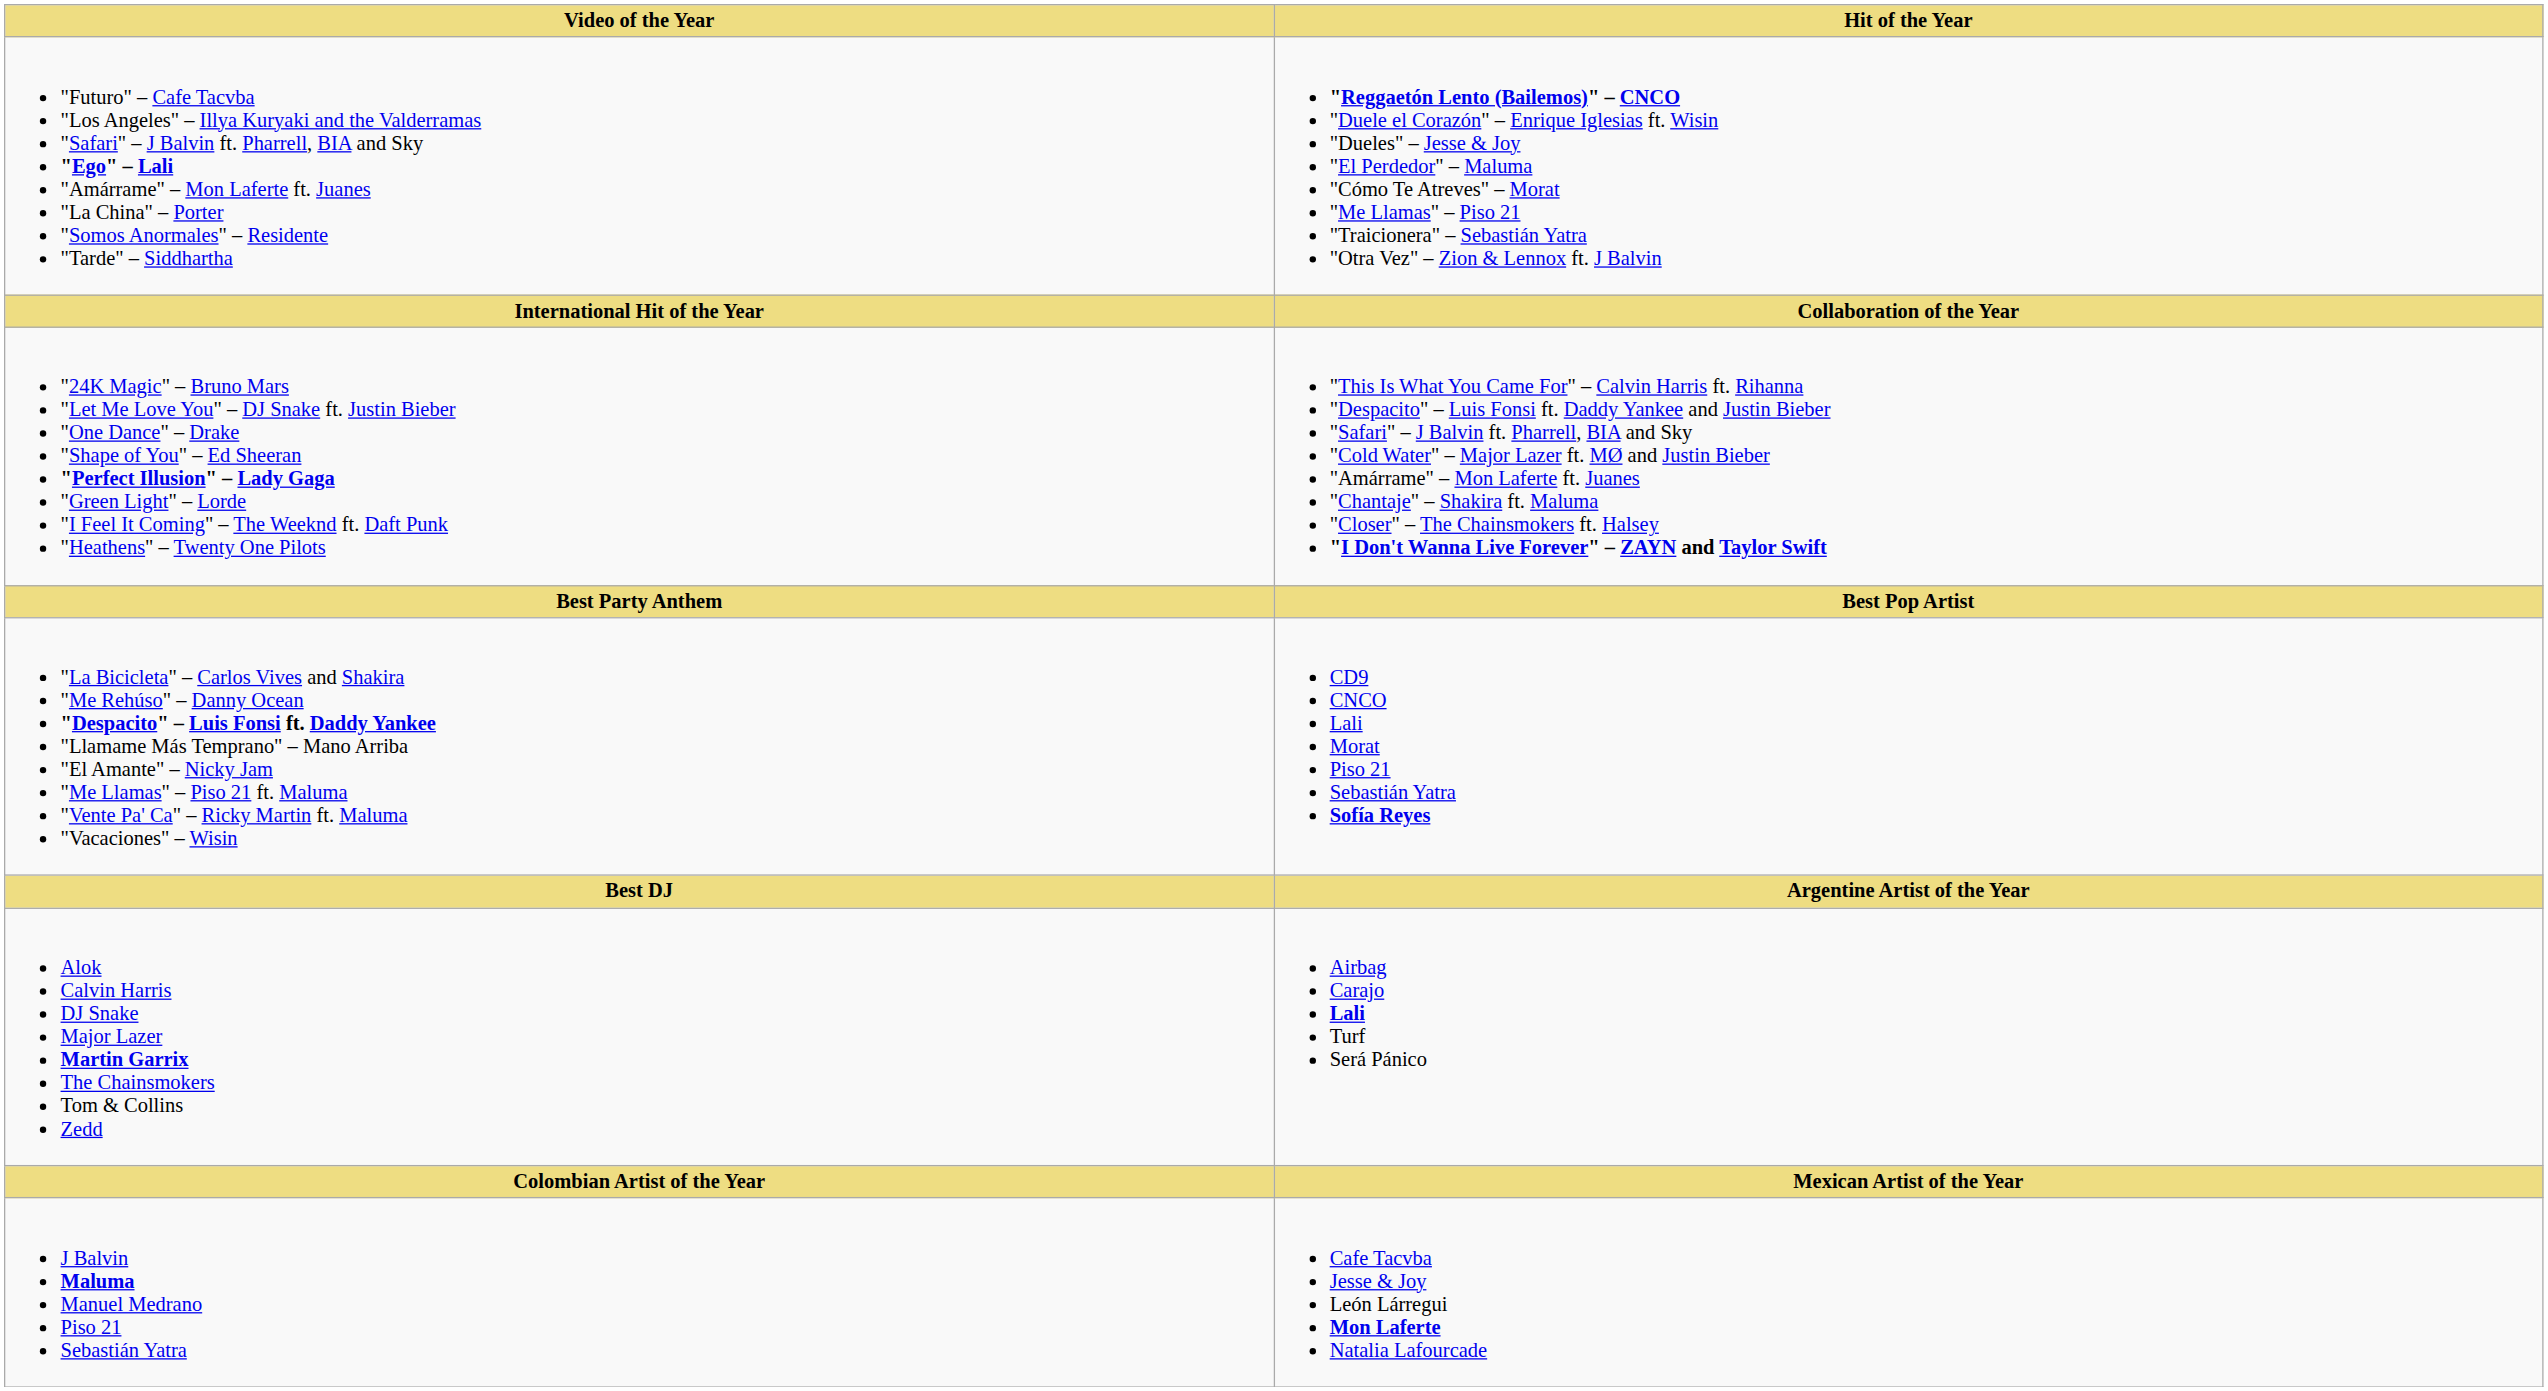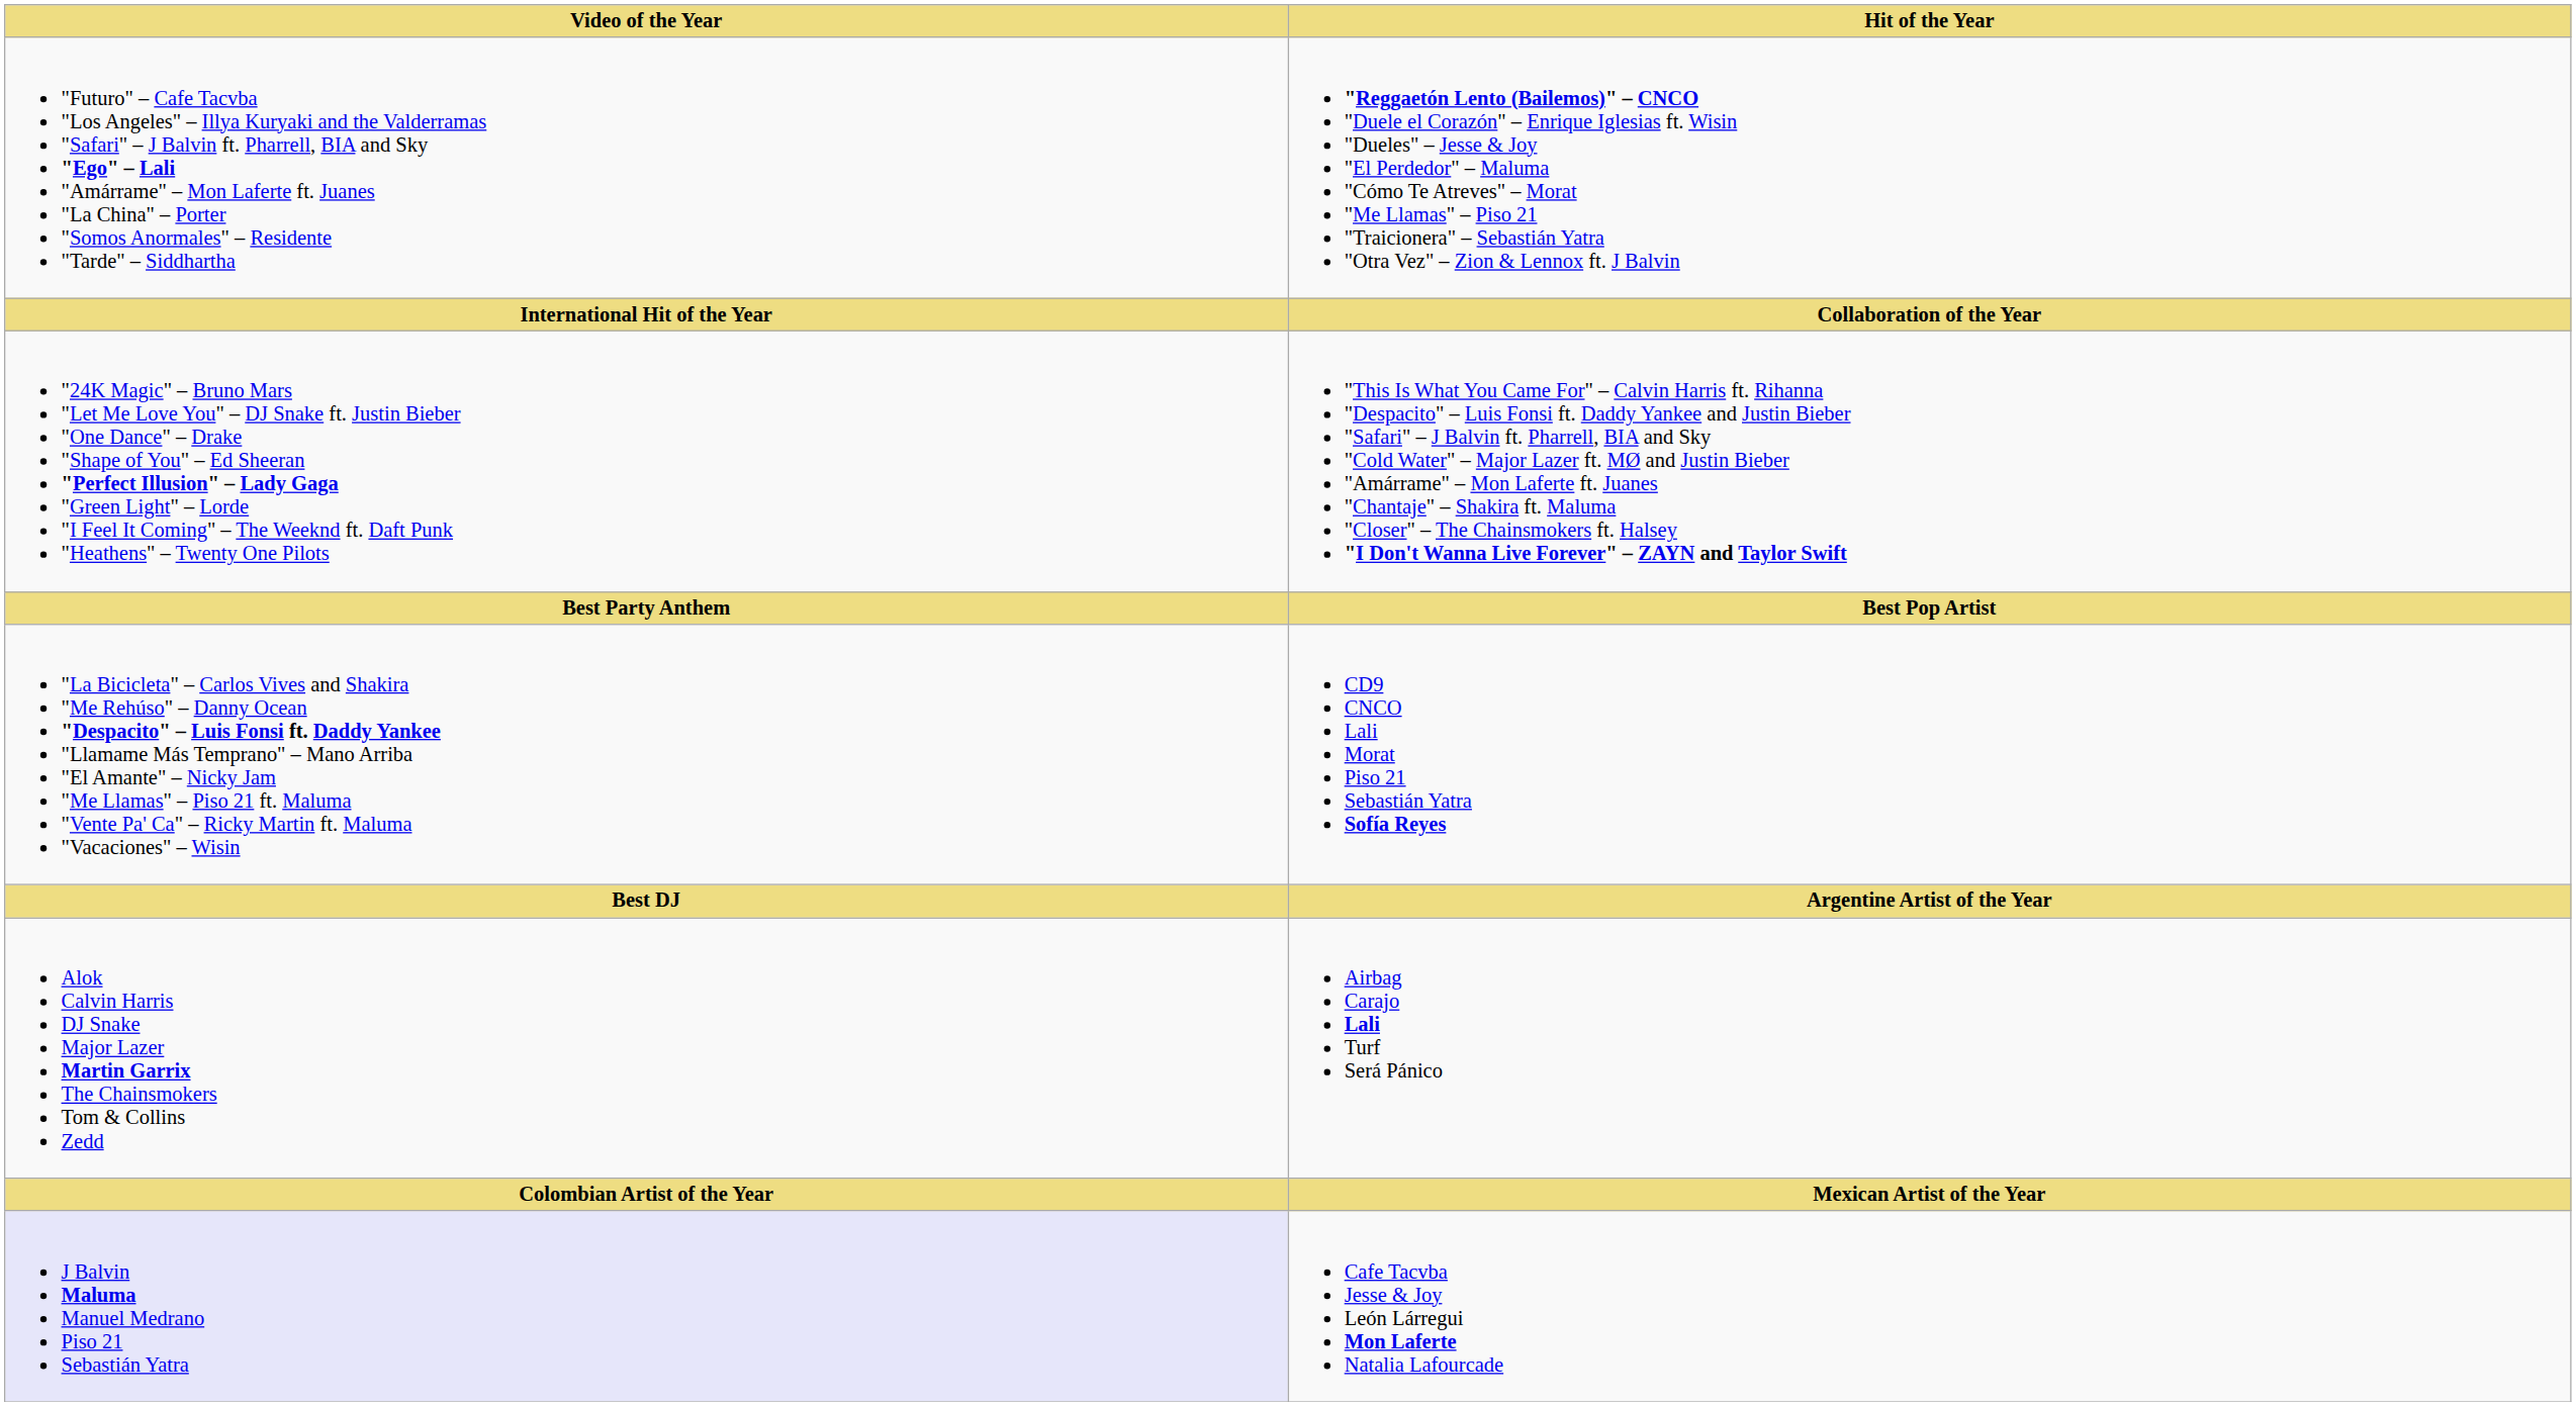 <table class="wikitable" style="width:100%;">
 <tr>
 <th style="background:#EEDD82; width:50%">Video of the Year</th>
 <th style="background:#EEDD82; width:50%">Hit of the Year</th>
 </tr>
 <tr>
 <td valign="top"><br><ul><li>"Futuro" – <a href='#'>Cafe Tacvba</a></li><li>"Los Angeles" – <a href='#'>Illya Kuryaki and the Valderramas</a></li><li>"<a href='#'>Safari</a>" – <a href='#'>J Balvin</a> ft. <a href='#'>Pharrell</a>, <a href='#'>BIA</a> and Sky</li><li><strong>"<a href='#'>Ego</a>" – <a href='#'>Lali</a></strong></li><li>"Amárrame" – <a href='#'>Mon Laferte</a> ft. <a href='#'>Juanes</a></li><li>"La China" – <a href='#'>Porter</a></li><li>"<a href='#'>Somos Anormales</a>" – <a href='#'>Residente</a></li><li>"Tarde" – <a href='#'>Siddhartha</a></li></ul></td>
 <td valign="top"><br><ul><li><strong>"<a href='#'>Reggaetón Lento (Bailemos)</a>" – <a href='#'>CNCO</a></strong></li><li>"<a href='#'>Duele el Corazón</a>" – <a href='#'>Enrique Iglesias</a> ft. <a href='#'>Wisin</a></li><li>"Dueles" – <a href='#'>Jesse & Joy</a></li><li>"<a href='#'>El Perdedor</a>" – <a href='#'>Maluma</a></li><li>"Cómo Te Atreves" – <a href='#'>Morat</a></li><li>"<a href='#'>Me Llamas</a>" – <a href='#'>Piso 21</a></li><li>"Traicionera" – <a href='#'>Sebastián Yatra</a></li><li>"Otra Vez" – <a href='#'>Zion & Lennox</a> ft. <a href='#'>J Balvin</a></li></ul></td>
 </tr>
 <tr>
 <th style="background:#EEDD82; width:50%">International Hit of the Year</th>
 <th style="background:#EEDD82; width:50%">Collaboration of the Year</th>
 </tr>
 <tr>
 <td valign="top"><br><ul><li>"<a href='#'>24K Magic</a>" – <a href='#'>Bruno Mars</a></li><li>"<a href='#'>Let Me Love You</a>" – <a href='#'>DJ Snake</a> ft. <a href='#'>Justin Bieber</a></li><li>"<a href='#'>One Dance</a>" – <a href='#'>Drake</a></li><li>"<a href='#'>Shape of You</a>" – <a href='#'>Ed Sheeran</a></li><li><strong>"<a href='#'>Perfect Illusion</a>" – <a href='#'>Lady Gaga</a></strong></li><li>"<a href='#'>Green Light</a>" – <a href='#'>Lorde</a></li><li>"<a href='#'>I Feel It Coming</a>" – <a href='#'>The Weeknd</a> ft. <a href='#'>Daft Punk</a></li><li>"<a href='#'>Heathens</a>" – <a href='#'>Twenty One Pilots</a></li></ul></td>
 <td valign="top"><br><ul><li>"<a href='#'>This Is What You Came For</a>" – <a href='#'>Calvin Harris</a> ft. <a href='#'>Rihanna</a></li><li>"<a href='#'>Despacito</a>" – <a href='#'>Luis Fonsi</a> ft. <a href='#'>Daddy Yankee</a> and <a href='#'>Justin Bieber</a></li><li>"<a href='#'>Safari</a>" – <a href='#'>J Balvin</a> ft. <a href='#'>Pharrell</a>, <a href='#'>BIA</a> and Sky</li><li>"<a href='#'>Cold Water</a>" – <a href='#'>Major Lazer</a> ft. <a href='#'>MØ</a> and <a href='#'>Justin Bieber</a></li><li>"Amárrame" – <a href='#'>Mon Laferte</a> ft. <a href='#'>Juanes</a></li><li>"<a href='#'>Chantaje</a>" – <a href='#'>Shakira</a> ft. <a href='#'>Maluma</a></li><li>"<a href='#'>Closer</a>" – <a href='#'>The Chainsmokers</a> ft. <a href='#'>Halsey</a></li><li><strong>"<a href='#'>I Don't Wanna Live Forever</a>" – <a href='#'>ZAYN</a> and <a href='#'>Taylor Swift</a></strong></li></ul></td>
 </tr>
 <tr>
 <th style="background:#EEDD82; width:50%">Best Party Anthem</th>
 <th style="background:#EEDD82; width:50%">Best Pop Artist</th>
 </tr>
 <tr>
 <td valign="top"><br><ul><li>"<a href='#'>La Bicicleta</a>" – <a href='#'>Carlos Vives</a> and <a href='#'>Shakira</a></li><li>"<a href='#'>Me Rehúso</a>" – <a href='#'>Danny Ocean</a></li><li><strong>"<a href='#'>Despacito</a>" – <a href='#'>Luis Fonsi</a> ft. <a href='#'>Daddy Yankee</a></strong></li><li>"Llamame Más Temprano" – Mano Arriba</li><li>"El Amante" – <a href='#'>Nicky Jam</a></li><li>"<a href='#'>Me Llamas</a>"  – <a href='#'>Piso 21</a> ft. <a href='#'>Maluma</a></li><li>"<a href='#'>Vente Pa' Ca</a>" – <a href='#'>Ricky Martin</a> ft. <a href='#'>Maluma</a></li><li>"Vacaciones" – <a href='#'>Wisin</a></li></ul></td>
 <td valign="top"><br><ul><li><a href='#'>CD9</a></li><li><a href='#'>CNCO</a></li><li><a href='#'>Lali</a></li><li><a href='#'>Morat</a></li><li><a href='#'>Piso 21</a></li><li><a href='#'>Sebastián Yatra</a></li><li><strong><a href='#'>Sofía Reyes</a></strong></li></ul></td>
 </tr>
 <tr>
 <th style="background:#EEDD82; width:50%">Best DJ</th>
 <th style="background:#EEDD82; width:50%">Argentine Artist of the Year</th>
 </tr>
 <tr>
 <td valign="top"><br><ul><li><a href='#'>Alok</a></li><li><a href='#'>Calvin Harris</a></li><li><a href='#'>DJ Snake</a></li><li><a href='#'>Major Lazer</a></li><li><strong><a href='#'>Martin Garrix</a></strong></li><li><a href='#'>The Chainsmokers</a></li><li>Tom & Collins</li><li><a href='#'>Zedd</a></li></ul></td>
 <td valign="top"><br><ul><li><a href='#'>Airbag</a></li><li><a href='#'>Carajo</a></li><li><strong><a href='#'>Lali</a></strong></li><li>Turf</li><li>Será Pánico</li></ul></td>
 </tr>
 <tr>
 <th style="background:#EEDD82; width:50%">Colombian Artist of the Year</th>
 <th style="background:#EEDD82; width:50%">Mexican Artist of the Year</th>
 </tr>
 <tr>
-<td valign="top"><br><ul><li><a href='#'>J Balvin</a></li><li><strong><a href='#'>Maluma</a></strong></li><li><a href='#'>Manuel Medrano</a></li><li><a href='#'>Piso 21</a></li><li><a href='#'>Sebastián Yatra</a></li></ul></td>
+<td valign="top" style="background: lavender;"><br><ul><li><a href='#'>J Balvin</a></li><li><strong><a href='#'>Maluma</a></strong></li><li><a href='#'>Manuel Medrano</a></li><li><a href='#'>Piso 21</a></li><li><a href='#'>Sebastián Yatra</a></li></ul></td>
 <td valign="top" colspan="2"><br><ul><li><a href='#'>Cafe Tacvba</a></li><li><a href='#'>Jesse & Joy</a></li><li>León Lárregui</li><li><strong><a href='#'>Mon Laferte</a></strong></li><li><a href='#'>Natalia Lafourcade</a></li></ul></td>
 </tr>
 </table>
